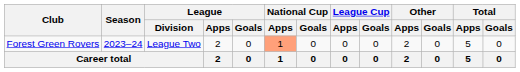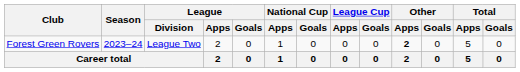 <table class=wikitable style="text-align: center">
 <tr>
 <th rowspan=2>Club</th>
 <th rowspan=2>Season</th>
 <th colspan=3>League</th>
 <th colspan=2>National Cup</th>
 <th colspan=2><a href='#'>League Cup</a></th>
 <th colspan=2>Other</th>
 <th colspan=2>Total</th>
 </tr>
 <tr>
 <th>Division</th>
 <th>Apps</th>
 <th>Goals</th>
 <th>Apps</th>
 <th>Goals</th>
 <th>Apps</th>
 <th>Goals</th>
 <th>Apps</th>
 <th>Goals</th>
 <th>Apps</th>
 <th>Goals</th>
 </tr>
 <tr>
 <td><a href='#'>Forest Green Rovers</a></td>
 <td><a href='#'>2023–24</a></td>
 <td><a href='#'>League Two</a></td>
 <td>2</td>
 <td>0</td>
-<td style="background: lightsalmon;">1</td>
+<td>1</td>
 <td>0</td>
 <td>0</td>
 <td>0</td>
-<td>2</td>
+<td><strong>2</strong></td>
 <td>0</td>
 <td>5</td>
 <td>0</td>
 </tr>
 <tr>
 <th colspan="3">Career total</th>
 <th>2</th>
 <th>0</th>
 <th>1</th>
 <th>0</th>
 <th>0</th>
 <th>0</th>
 <th>2</th>
 <th>0</th>
 <th>5</th>
 <th>0</th>
 </tr>
 </table>
